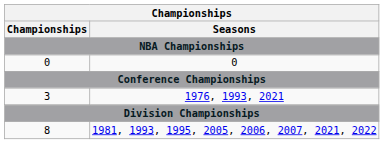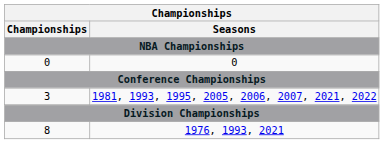 <table class="wikitable sortable" style="text-align:center">
 <tr>
 <th colspan="5">Championships</th>
 </tr>
 <tr>
 <th>Championships</th>
 <th>Seasons</th>
 </tr>
 <tr>
 <th colspan="5" style="text-align:center; background:#A1A1A4; color:#061922;">NBA Championships</th>
 </tr>
 <tr>
 <td>0</td>
 <td>0</td>
 </tr>
 <tr>
 <th colspan="5" style="text-align:center; background:#A1A1A4; color:#061922;">Conference Championships</th>
 </tr>
 <tr>
 <td>3</td>
-<td><a href='#'>1976</a>, <a href='#'>1993</a>, <a href='#'>2021</a></td>
+<td><a href='#'>1981</a>, <a href='#'>1993</a>, <a href='#'>1995</a>, <a href='#'>2005</a>, <a href='#'>2006</a>, <a href='#'>2007</a>, <a href='#'>2021</a>, <a href='#'>2022</a></td>
 </tr>
 <tr>
 <th colspan="5" style="text-align:center; background:#A1A1A4; color:#061922;">Division Championships</th>
 </tr>
 <tr>
 <td>8</td>
-<td><a href='#'>1981</a>, <a href='#'>1993</a>, <a href='#'>1995</a>, <a href='#'>2005</a>, <a href='#'>2006</a>, <a href='#'>2007</a>, <a href='#'>2021</a>, <a href='#'>2022</a></td>
+<td><a href='#'>1976</a>, <a href='#'>1993</a>, <a href='#'>2021</a></td>
 </tr>
 </table>
